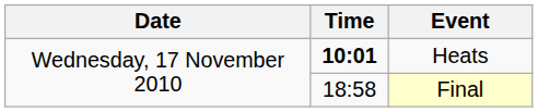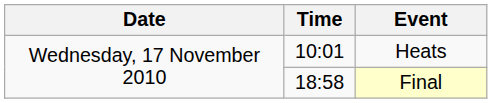 <table class = "wikitable" style="text-align:center;">
 <tr>
 <th width=220>Date</th>
 <th width=50>Time</th>
 <th width=100>Event</th>
 </tr>
 <tr>
 <td rowspan=2>Wednesday, 17 November 2010</td>
-<td><strong>10:01</strong></td>
+<td>10:01</td>
 <td>Heats</td>
 </tr>
 <tr>
 <td>18:58</td>
 <td bgcolor=ffffcc>Final</td>
 </tr>
 </table>
